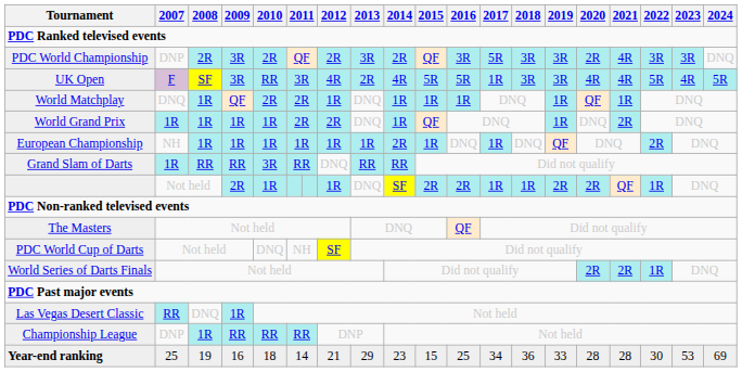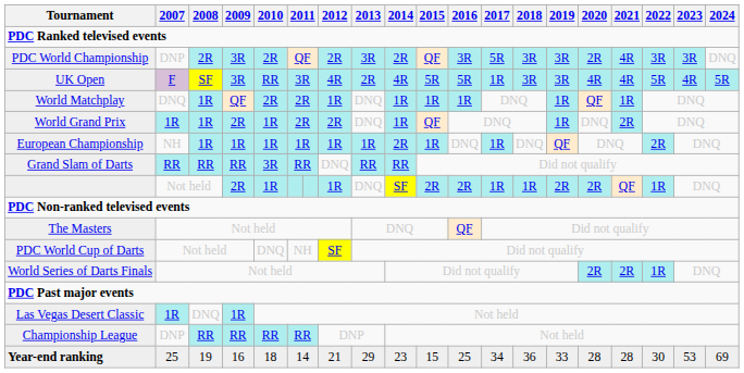 <table class=wikitable style=text-align:center;font-size:88%>
 <tr>
 <th>Tournament</th>
 <th><a href='#'>2007</a></th>
 <th><a href='#'>2008</a></th>
 <th><a href='#'>2009</a></th>
 <th><a href='#'>2010</a></th>
 <th colspan="2"><a href='#'>2011</a></th>
 <th><a href='#'>2012</a></th>
 <th><a href='#'>2013</a></th>
 <th><a href='#'>2014</a></th>
 <th><a href='#'>2015</a></th>
 <th><a href='#'>2016</a></th>
 <th><a href='#'>2017</a></th>
 <th><a href='#'>2018</a></th>
 <th><a href='#'>2019</a></th>
 <th><a href='#'>2020</a></th>
 <th><a href='#'>2021</a></th>
 <th><a href='#'>2022</a></th>
 <th><a href='#'>2023</a></th>
 <th><a href='#'>2024</a></th>
 </tr>
 <tr>
 <td colspan="33" align="left"><strong><a href='#'>PDC</a> Ranked televised events</strong></td>
 </tr>
 <tr>
 <td style="background:#efefef;"><a href='#'>PDC World Championship</a></td>
 <td colspan="1" style="text-align:center; color:#ccc;">DNP</td>
 <td style="text-align:center; background:#afeeee;"><a href='#'>2R</a></td>
 <td style="text-align:center; background:#afeeee;"><a href='#'>3R</a></td>
 <td style="text-align:center; background:#afeeee;"><a href='#'>2R</a></td>
 <td style="text-align:center; background:#ffebcd;" colspan="2"><a href='#'>QF</a></td>
 <td style="text-align:center; background:#afeeee;"><a href='#'>2R</a></td>
 <td style="text-align:center; background:#afeeee;"><a href='#'>3R</a></td>
 <td style="text-align:center; background:#afeeee;"><a href='#'>2R</a></td>
 <td style="text-align:center; background:#ffebcd;"><a href='#'>QF</a></td>
 <td style="text-align:center; background:#afeeee;"><a href='#'>3R</a></td>
 <td style="text-align:center; background:#afeeee;"><a href='#'>5R</a></td>
 <td style="text-align:center; background:#afeeee;"><a href='#'>3R</a></td>
 <td style="text-align:center; background:#afeeee;"><a href='#'>3R</a></td>
 <td style="text-align:center; background:#afeeee;"><a href='#'>2R</a></td>
 <td style="text-align:center; background:#afeeee;"><a href='#'>4R</a></td>
 <td style="text-align:center; background:#afeeee;"><a href='#'>3R</a></td>
 <td style="text-align:center; background:#afeeee;"><a href='#'>3R</a></td>
 <td style="text-align:center; color:#ccc;">DNQ</td>
 </tr>
 <tr>
 <td style="background:#efefef;"><a href='#'>UK Open</a></td>
 <td style="text-align:center; background:thistle;"><a href='#'>F</a></td>
 <td style="text-align:center; background:yellow;"><a href='#'>SF</a></td>
 <td style="text-align:center; background:#afeeee;"><a href='#'>3R</a></td>
 <td style="text-align:center; background:#afeeee;"><a href='#'>RR</a></td>
 <td style="text-align:center; background:#afeeee;" colspan="2"><a href='#'>3R</a></td>
 <td style="text-align:center; background:#afeeee;"><a href='#'>4R</a></td>
 <td style="text-align:center; background:#afeeee;"><a href='#'>2R</a></td>
 <td style="text-align:center; background:#afeeee;"><a href='#'>4R</a></td>
 <td style="text-align:center; background:#afeeee;"><a href='#'>5R</a></td>
 <td style="text-align:center; background:#afeeee;"><a href='#'>5R</a></td>
 <td style="text-align:center; background:#afeeee;"><a href='#'>1R</a></td>
 <td style="text-align:center; background:#afeeee;"><a href='#'>3R</a></td>
 <td style="text-align:center; background:#afeeee;"><a href='#'>3R</a></td>
 <td style="text-align:center; background:#afeeee;"><a href='#'>4R</a></td>
 <td style="text-align:center; background:#afeeee;"><a href='#'>4R</a></td>
 <td style="text-align:center; background:#afeeee;"><a href='#'>5R</a></td>
 <td style="text-align:center; background:#afeeee;"><a href='#'>4R</a></td>
 <td style="text-align:center; background:#afeeee;"><a href='#'>5R</a></td>
 </tr>
 <tr>
 <td style="background:#efefef;"><a href='#'>World Matchplay</a></td>
 <td style="text-align:center; color:#ccc;">DNQ</td>
 <td style="text-align:center; background:#afeeee;"><a href='#'>1R</a></td>
 <td style="text-align:center; background:#ffebcd;"><a href='#'>QF</a></td>
 <td style="text-align:center; background:#afeeee;"><a href='#'>2R</a></td>
 <td style="text-align:center; background:#afeeee;" colspan="2"><a href='#'>2R</a></td>
 <td style="text-align:center; background:#afeeee;"><a href='#'>1R</a></td>
 <td style="text-align:center; color:#ccc;">DNQ</td>
 <td style="text-align:center; background:#afeeee;"><a href='#'>1R</a></td>
 <td style="text-align:center; background:#afeeee;"><a href='#'>1R</a></td>
 <td style="text-align:center; background:#afeeee;"><a href='#'>1R</a></td>
 <td colspan="2" style="text-align:center; color:#ccc;">DNQ</td>
 <td style="text-align:center; background:#afeeee;"><a href='#'>1R</a></td>
 <td style="text-align:center; background:#ffebcd;"><a href='#'>QF</a></td>
 <td style="text-align:center; background:#afeeee;"><a href='#'>1R</a></td>
 <td colspan="3" style="text-align:center; color:#ccc;">DNQ</td>
 </tr>
 <tr>
 <td style="background:#efefef;"><a href='#'>World Grand Prix</a></td>
 <td style="text-align:center; background:#afeeee;"><a href='#'>1R</a></td>
 <td style="text-align:center; background:#afeeee;"><a href='#'>1R</a></td>
-<td style="text-align:center; background:#afeeee;"><a href='#'>1R</a></td>
+<td style="text-align:center; background:#afeeee;"><a href='#'>2R</a></td>
 <td style="text-align:center; background:#afeeee;"><a href='#'>1R</a></td>
 <td style="text-align:center; background:#afeeee;" colspan="2"><a href='#'>2R</a></td>
 <td style="text-align:center; background:#afeeee;"><a href='#'>2R</a></td>
 <td style="text-align:center; color:#ccc;">DNQ</td>
 <td style="text-align:center; background:#afeeee;"><a href='#'>1R</a></td>
 <td style="text-align:center; background:#ffebcd;"><a href='#'>QF</a></td>
 <td colspan="3" style="text-align:center; color:#ccc;">DNQ</td>
 <td style="text-align:center; background:#afeeee;"><a href='#'>1R</a></td>
 <td colspan="1" style="text-align:center; color:#ccc;">DNQ</td>
 <td style="text-align:center; background:#afeeee;"><a href='#'>2R</a></td>
 <td colspan="3" style="text-align:center; color:#ccc;">DNQ</td>
 </tr>
 <tr>
 <td style="background:#efefef;"><a href='#'>European Championship</a></td>
 <td colspan="1" style="text-align:center; color:#ccc;">NH</td>
 <td style="text-align:center; background:#afeeee;"><a href='#'>1R</a></td>
 <td style="text-align:center; background:#afeeee;"><a href='#'>1R</a></td>
 <td style="text-align:center; background:#afeeee;"><a href='#'>1R</a></td>
 <td style="text-align:center; background:#afeeee;" colspan="2"><a href='#'>1R</a></td>
 <td style="text-align:center; background:#afeeee;"><a href='#'>1R</a></td>
 <td style="text-align:center; background:#afeeee;"><a href='#'>1R</a></td>
 <td style="text-align:center; background:#afeeee;"><a href='#'>2R</a></td>
 <td style="text-align:center; background:#afeeee;"><a href='#'>1R</a></td>
 <td style="text-align:center; color:#ccc;">DNQ</td>
 <td style="text-align:center; background:#afeeee;"><a href='#'>1R</a></td>
 <td style="text-align:center; color:#ccc;">DNQ</td>
 <td style="text-align:center; background:#ffebcd;"><a href='#'>QF</a></td>
 <td colspan="2" style="text-align:center; color:#ccc;">DNQ</td>
 <td style="text-align:center; background:#afeeee;"><a href='#'>2R</a></td>
 <td colspan="2" style="text-align:center; color:#ccc;">DNQ</td>
 </tr>
 <tr>
 <td style="background:#efefef;"><a href='#'>Grand Slam of Darts</a></td>
-<td style="text-align:center; background:#afeeee;"><a href='#'>1R</a></td>
+<td style="text-align:center; background:#afeeee;"><a href='#'>RR</a></td>
 <td style="text-align:center; background:#afeeee;"><a href='#'>RR</a></td>
 <td style="text-align:center; background:#afeeee;"><a href='#'>RR</a></td>
 <td style="text-align:center; background:#afeeee;"><a href='#'>3R</a></td>
 <td style="text-align:center; background:#afeeee;" colspan="2"><a href='#'>RR</a></td>
 <td style="text-align:center; color:#ccc;">DNQ</td>
 <td style="text-align:center; background:#afeeee;"><a href='#'>RR</a></td>
 <td style="text-align:center; background:#afeeee;"><a href='#'>RR</a></td>
 <td colspan="10" style="text-align:center; color:#ccc;">Did not qualify</td>
 </tr>
 <tr>
 <td style="background:#efefef;"></td>
 <td colspan="2" style="text-align:center; color:#ccc;">Not held</td>
 <td style="text-align:center; background:#afeeee;"><a href='#'>2R</a></td>
 <td style="text-align:center; background:#afeeee;"><a href='#'>1R</a></td>
 <td style="text-align:center; background:#afeeee;"></td>
 <td style="text-align:center; background:#afeeee;"></td>
 <td style="text-align:center; background:#afeeee;"><a href='#'>1R</a></td>
 <td style="text-align:center; color:#ccc;">DNQ</td>
 <td style="text-align:center; background:yellow;"><a href='#'>SF</a></td>
 <td style="text-align:center; background:#afeeee;"><a href='#'>2R</a></td>
 <td style="text-align:center; background:#afeeee;"><a href='#'>2R</a></td>
 <td style="text-align:center; background:#afeeee;"><a href='#'>1R</a></td>
 <td style="text-align:center; background:#afeeee;"><a href='#'>1R</a></td>
 <td style="text-align:center; background:#afeeee;"><a href='#'>2R</a></td>
 <td style="text-align:center; background:#afeeee;"><a href='#'>2R</a></td>
 <td style="text-align:center; background:#ffebcd;"><a href='#'>QF</a></td>
 <td style="text-align:center; background:#afeeee;"><a href='#'>1R</a></td>
 <td colspan="2" style="text-align:center; color:#ccc;">DNQ</td>
 </tr>
 <tr>
 <td colspan="35" align="left"><strong><a href='#'>PDC</a> Non-ranked televised events</strong></td>
 </tr>
 <tr>
 <td style="background:#efefef;"><a href='#'>The Masters</a></td>
 <td colspan="7" style="text-align:center; color:#ccc;">Not held</td>
 <td colspan="3" style="text-align:center; color:#ccc;">DNQ</td>
 <td style="text-align:center; background:#ffebcd;"><a href='#'>QF</a></td>
 <td colspan="8" style="text-align:center; color:#ccc;">Did not qualify</td>
 </tr>
 <tr>
 <td style="background:#efefef;"><a href='#'>PDC World Cup of Darts</a></td>
 <td colspan="3" style="text-align:center; color:#ccc;">Not held</td>
 <td style="text-align:center; color:#ccc;">DNQ</td>
 <td colspan="2" style="text-align:center; color:#ccc;">NH</td>
 <td style="text-align:center; background:yellow;"><a href='#'>SF</a></td>
 <td colspan="12" style="text-align:center; color:#ccc;">Did not qualify</td>
 </tr>
 <tr>
 <td style="background:#efefef;"><a href='#'>World Series of Darts Finals</a></td>
 <td colspan="8" style="text-align:center; color:#ccc;">Not held</td>
 <td colspan="6" style="text-align:center; color:#ccc;">Did not qualify</td>
 <td style="text-align:center; background:#afeeee;"><a href='#'>2R</a></td>
 <td style="text-align:center; background:#afeeee;"><a href='#'>2R</a></td>
 <td style="text-align:center; background:#afeeee;"><a href='#'>1R</a></td>
 <td colspan="2" style="text-align:center; color:#ccc;">DNQ</td>
 </tr>
 <tr>
 <td colspan="33" align="left"><strong><a href='#'>PDC</a> Past major events</strong></td>
 </tr>
 <tr>
 <td style="background:#efefef;"><a href='#'>Las Vegas Desert Classic</a></td>
-<td style="text-align:center; background:#afeeee;"><a href='#'>RR</a></td>
+<td style="text-align:center; background:#afeeee;"><a href='#'>1R</a></td>
 <td style="text-align:center; color:#ccc;">DNQ</td>
 <td style="text-align:center; background:#afeeee;"><a href='#'>1R</a></td>
 <td colspan="16" style="text-align:center; color:#ccc;">Not held</td>
 </tr>
 <tr>
 <td style="background:#efefef;"><a href='#'>Championship League</a></td>
 <td colspan="1" style="text-align:center; color:#ccc;">DNP</td>
-<td style="text-align:center; background:#afeeee;"><a href='#'>1R</a></td>
+<td style="text-align:center; background:#afeeee;"><a href='#'>RR</a></td>
 <td style="text-align:center; background:#afeeee;"><a href='#'>RR</a></td>
 <td style="text-align:center; background:#afeeee;"><a href='#'>RR</a></td>
 <td style="text-align:center; background:#afeeee;" colspan="2"><a href='#'>RR</a></td>
 <td colspan="2" style="text-align:center; color:#ccc;">DNP</td>
 <td colspan="11" style="text-align:center; color:#ccc;">Not held</td>
 </tr>
 <tr bgcolor="efefef">
 <td align="left"><strong>Year-end ranking</strong></td>
 <td style="text-align:center;">25</td>
 <td style="text-align:center;">19</td>
 <td style="text-align:center;">16</td>
 <td style="text-align:center;">18</td>
 <td style="text-align:center"; colspan="2">14</td>
 <td style="text-align:center;">21</td>
 <td style="text-align:center;">29</td>
 <td style="text-align:center;">23</td>
 <td style="text-align:center;">15</td>
 <td style="text-align:center;">25</td>
 <td style="text-align:center;">34</td>
 <td style="text-align:center;">36</td>
 <td style="text-align:center;">33</td>
 <td style="text-align:center;">28</td>
 <td style="text-align:center;">28</td>
 <td style="text-align:center;">30</td>
 <td style="text-align:center;">53</td>
 <td style="text-align:center;">69</td>
 </tr>
 </table>
